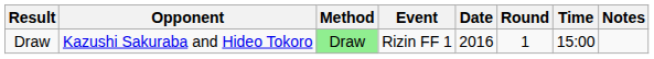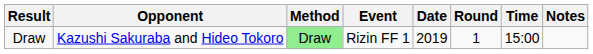 <table class="wikitable" style="text-align:center; font-size:95%">
 <tr style="text-align:center; background:#f0f0f0;">
 <th>Result</th>
 <th>Opponent</th>
 <th>Method</th>
 <th>Event</th>
 <th>Date</th>
 <th>Round</th>
 <th>Time</th>
 <th>Notes</th>
 </tr>
 <tr>
 <td>Draw</td>
 <td> <a href='#'>Kazushi Sakuraba</a> and  <a href='#'>Hideo Tokoro</a></td>
 <td style="background: lightgreen;">Draw</td>
 <td>Rizin FF 1</td>
-<td>2016</td>
+<td>2019</td>
 <td>1</td>
 <td>15:00</td>
 <td></td>
 </tr>
 </table>
